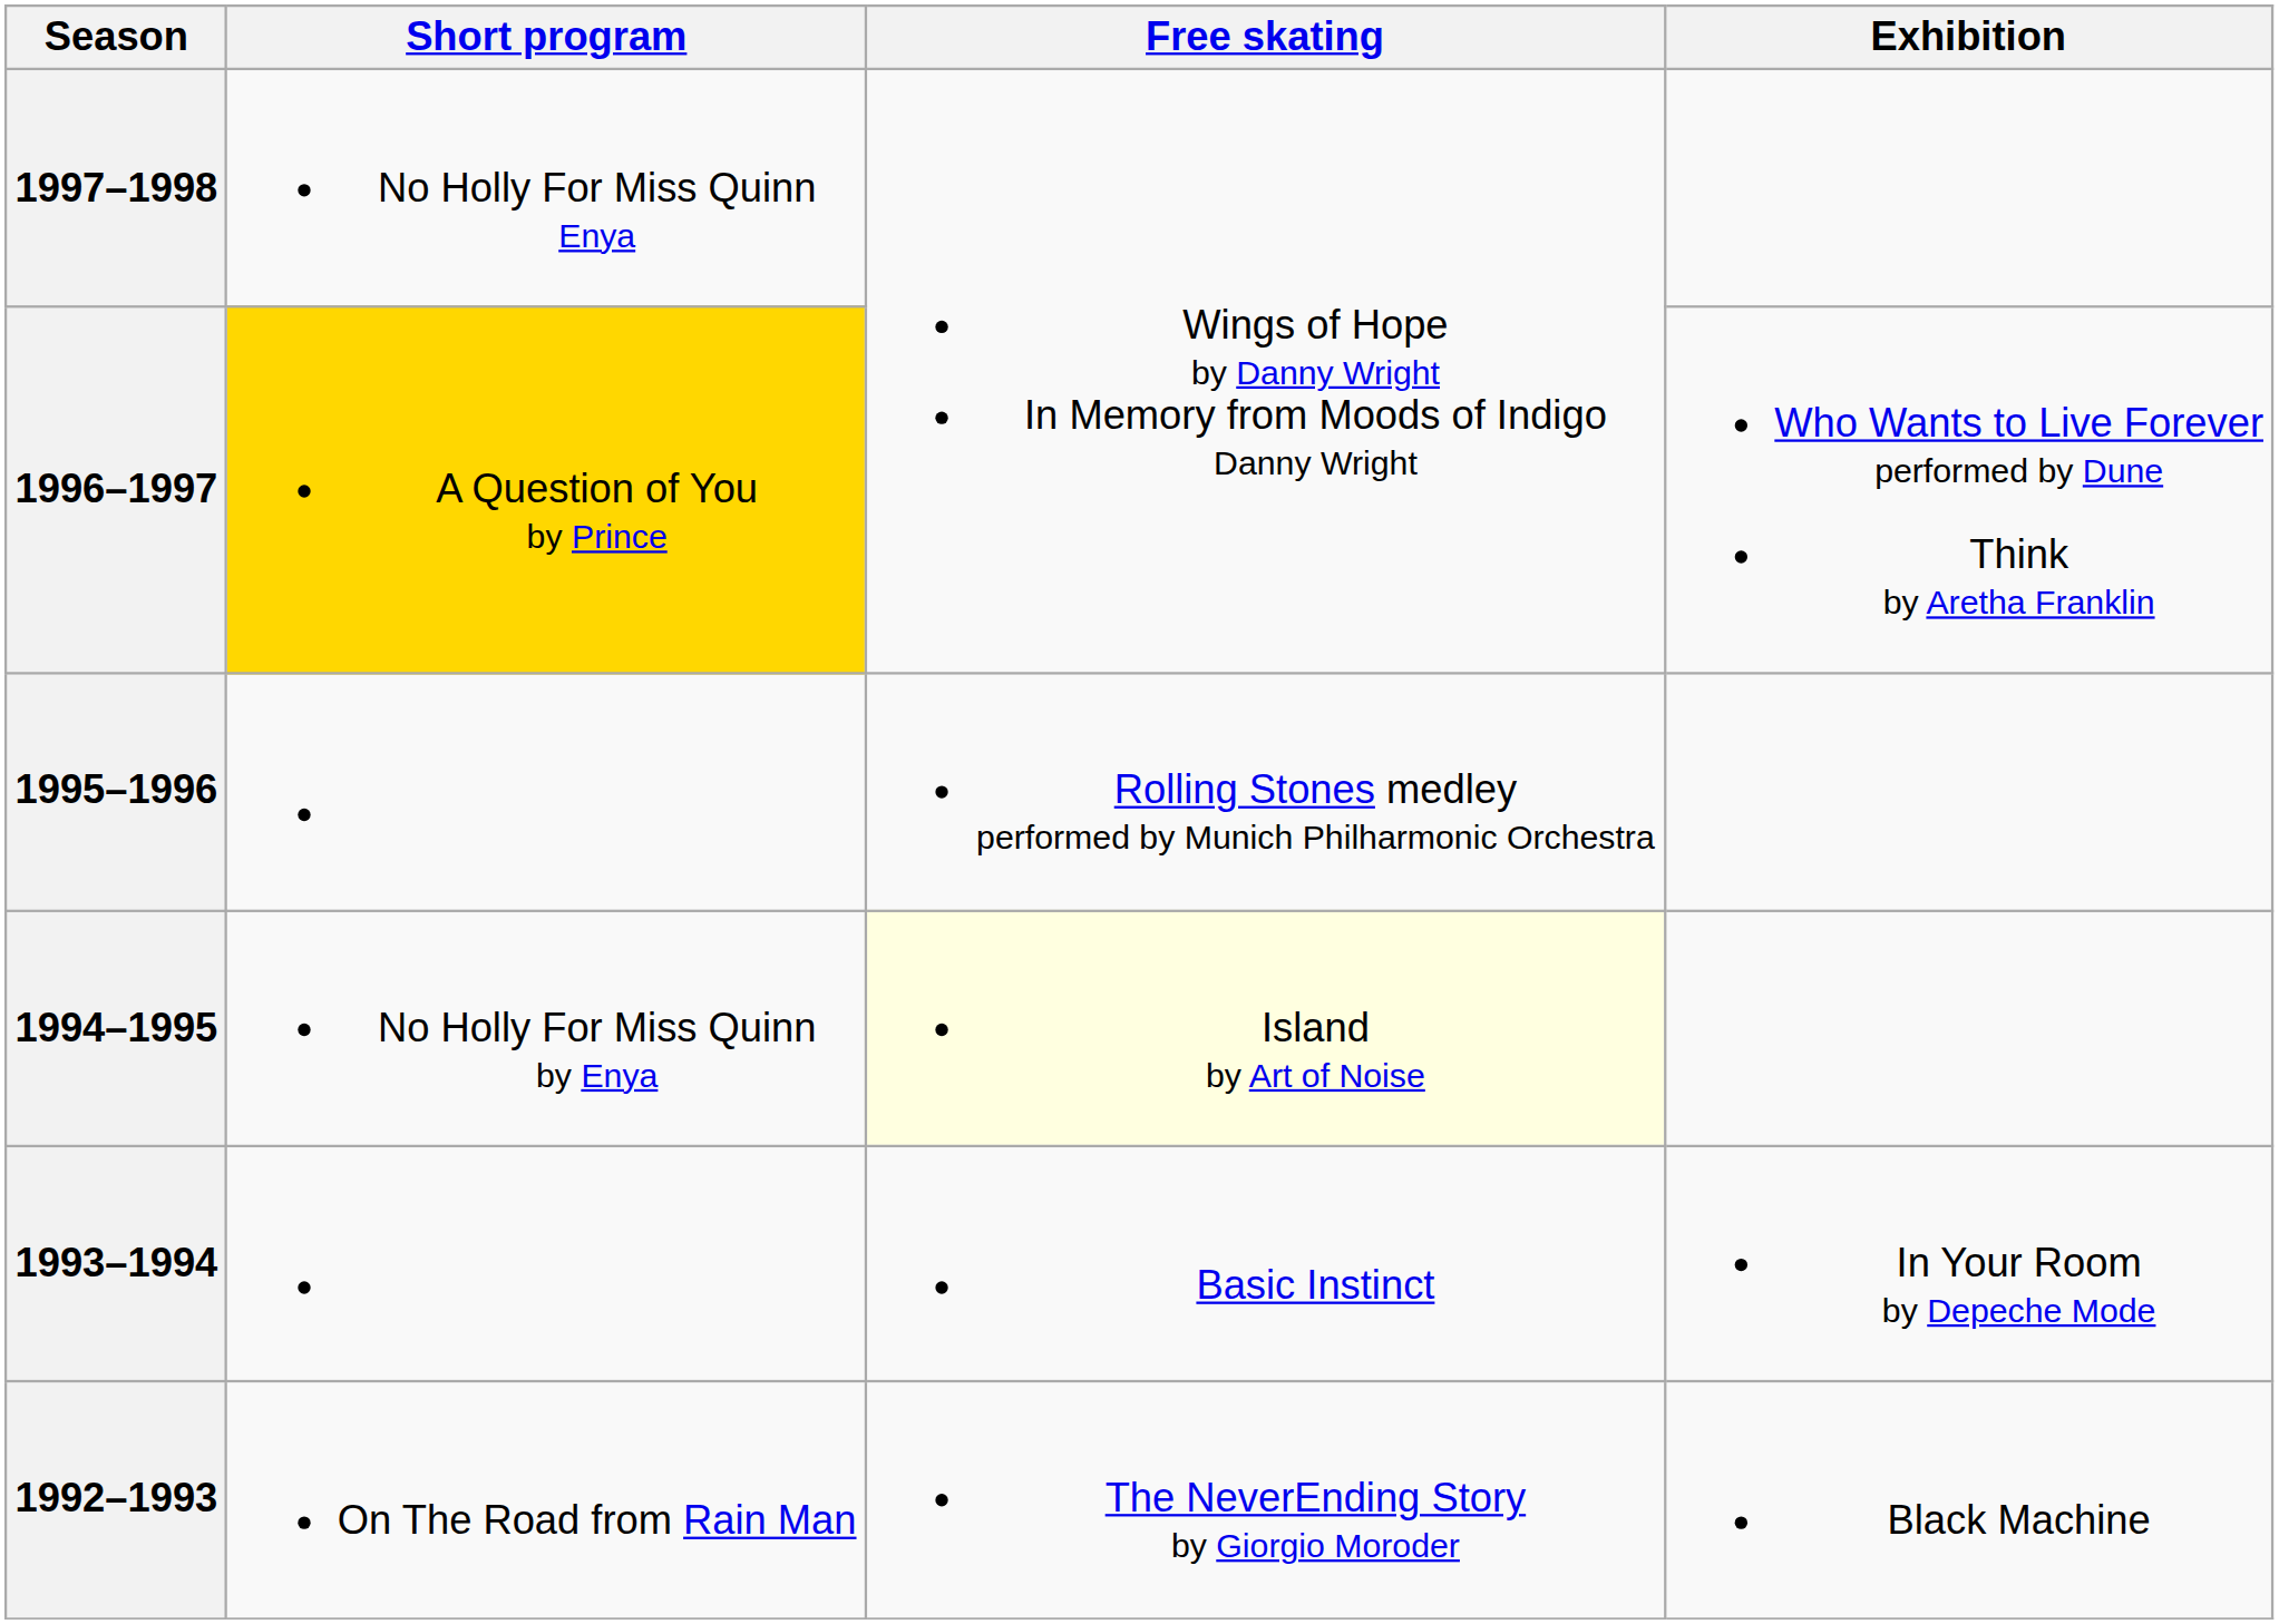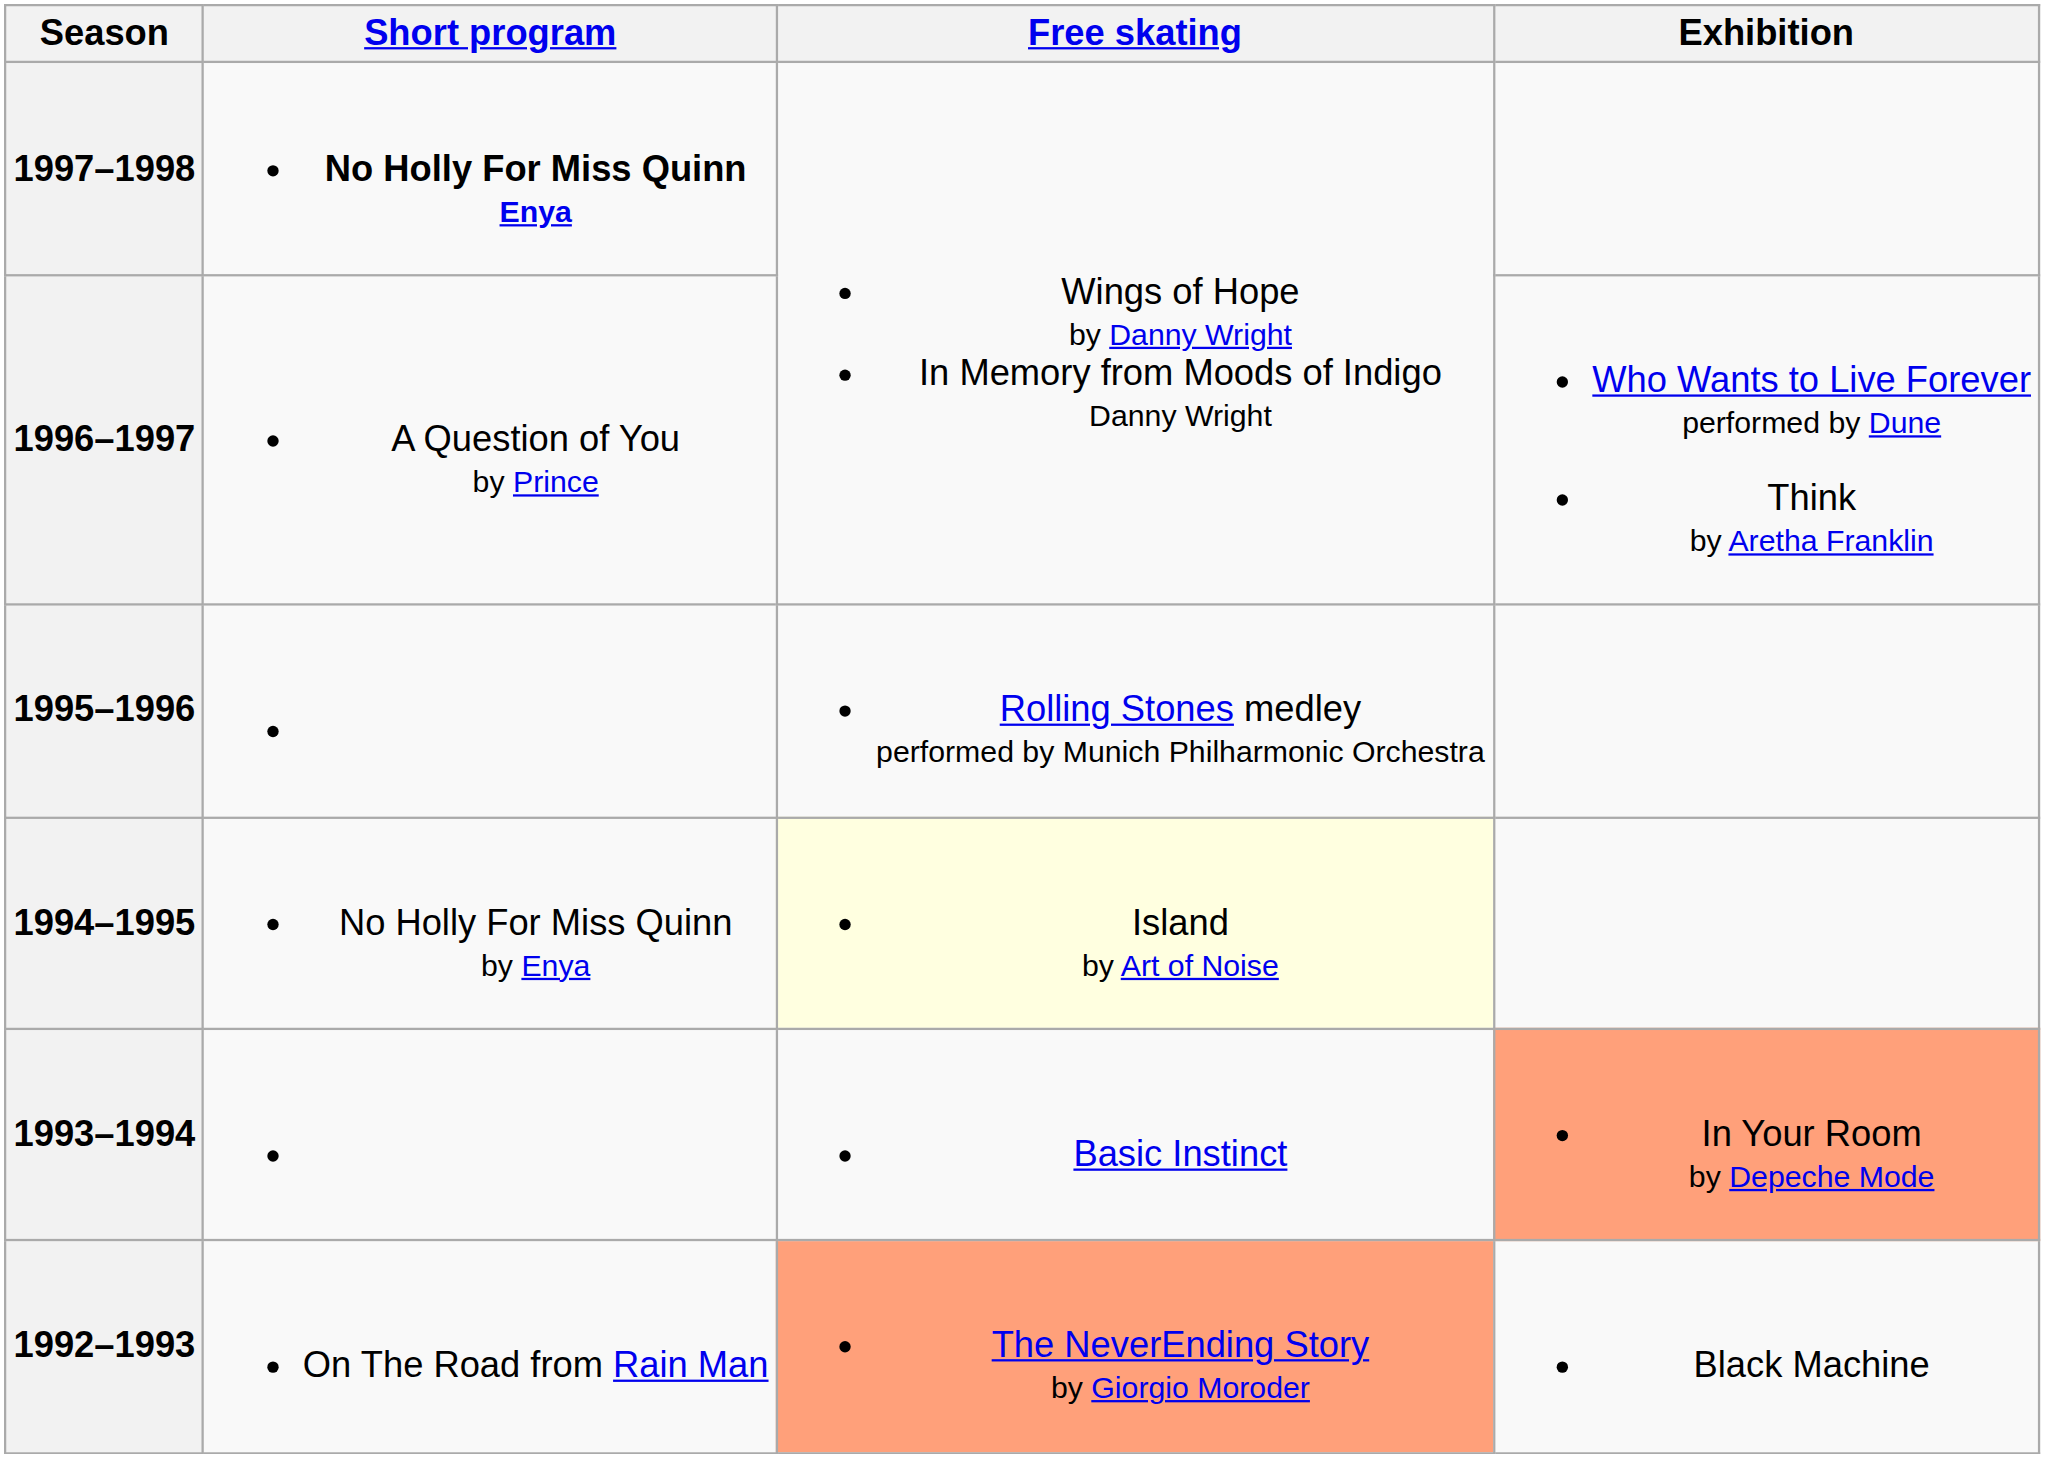 <table class="wikitable" style="text-align:center">
 <tr>
 <th>Season</th>
 <th><a href='#'>Short program</a></th>
 <th><a href='#'>Free skating</a></th>
 <th>Exhibition</th>
 </tr>
 <tr>
 <th>1997–1998</th>
-<td><br><ul><li>No Holly For Miss Quinn <br><small> <a href='#'>Enya</a> </small></li></ul></td>
+<td><strong><br><ul><li>No Holly For Miss Quinn <br><small> <a href='#'>Enya</a> </small></li></ul></strong></td>
 <td rowspan=2><br><ul><li>Wings of Hope <br><small> by <a href='#'>Danny Wright</a> </small></li><li>In Memory from Moods of Indigo <br><small> Danny Wright </small></li></ul></td>
 <td></td>
 </tr>
 <tr>
 <th>1996–1997</th>
-<td style="background: gold;"><br><ul><li>A Question of You <br><small> by <a href='#'>Prince</a> </small></li></ul></td>
+<td><br><ul><li>A Question of You <br><small> by <a href='#'>Prince</a> </small></li></ul></td>
 <td><br><ul><li><a href='#'>Who Wants to Live Forever</a> <br><small> performed by <a href='#'>Dune</a> </small></li></ul><ul><li>Think <br><small> by <a href='#'>Aretha Franklin</a> </small></li></ul></td>
 </tr>
 <tr>
 <th>1995–1996</th>
 <td><br><ul><li></li></ul></td>
 <td><br><ul><li><a href='#'>Rolling Stones</a> medley <br><small> performed by Munich Philharmonic Orchestra </small></li></ul></td>
 <td></td>
 </tr>
 <tr>
 <th>1994–1995</th>
 <td><br><ul><li>No Holly For Miss Quinn <br><small> by <a href='#'>Enya</a> </small></li></ul></td>
 <td style="background: lightyellow;"><br><ul><li>Island <br><small> by <a href='#'>Art of Noise</a> </small></li></ul></td>
 <td></td>
 </tr>
 <tr>
 <th>1993–1994</th>
 <td><br><ul><li></li></ul></td>
 <td><br><ul><li><a href='#'>Basic Instinct</a></li></ul></td>
-<td><br><ul><li>In Your Room <br><small> by <a href='#'>Depeche Mode</a> </small></li></ul></td>
+<td style="background: lightsalmon;"><br><ul><li>In Your Room <br><small> by <a href='#'>Depeche Mode</a> </small></li></ul></td>
 </tr>
 <tr>
 <th>1992–1993</th>
 <td><br><ul><li>On The Road from <a href='#'>Rain Man</a></li></ul></td>
-<td><br><ul><li><a href='#'>The NeverEnding Story</a> <br><small> by <a href='#'>Giorgio Moroder</a> </small></li></ul></td>
+<td style="background: lightsalmon;"><br><ul><li><a href='#'>The NeverEnding Story</a> <br><small> by <a href='#'>Giorgio Moroder</a> </small></li></ul></td>
 <td><br><ul><li>Black Machine</li></ul></td>
 </tr>
 </table>
